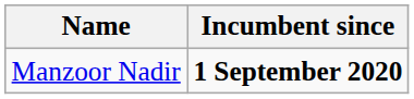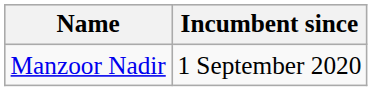 <table class="wikitable">
 <tr>
 <th>Name</th>
 <th>Incumbent since</th>
 </tr>
 <tr>
 <td><a href='#'>Manzoor Nadir</a></td>
-<td><strong>1 September 2020</strong></td>
+<td>1 September 2020</td>
 </tr>
 </table>
